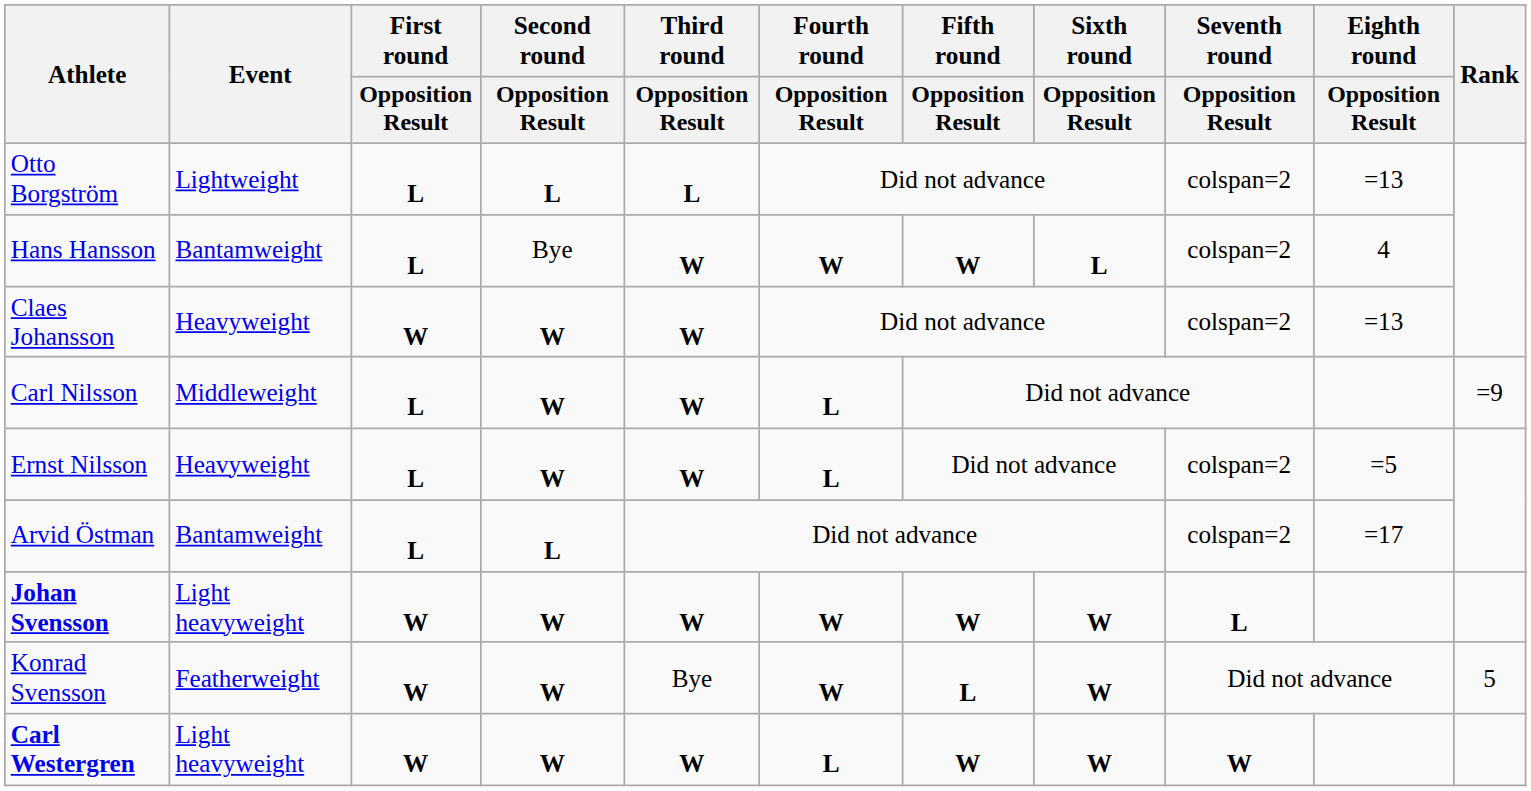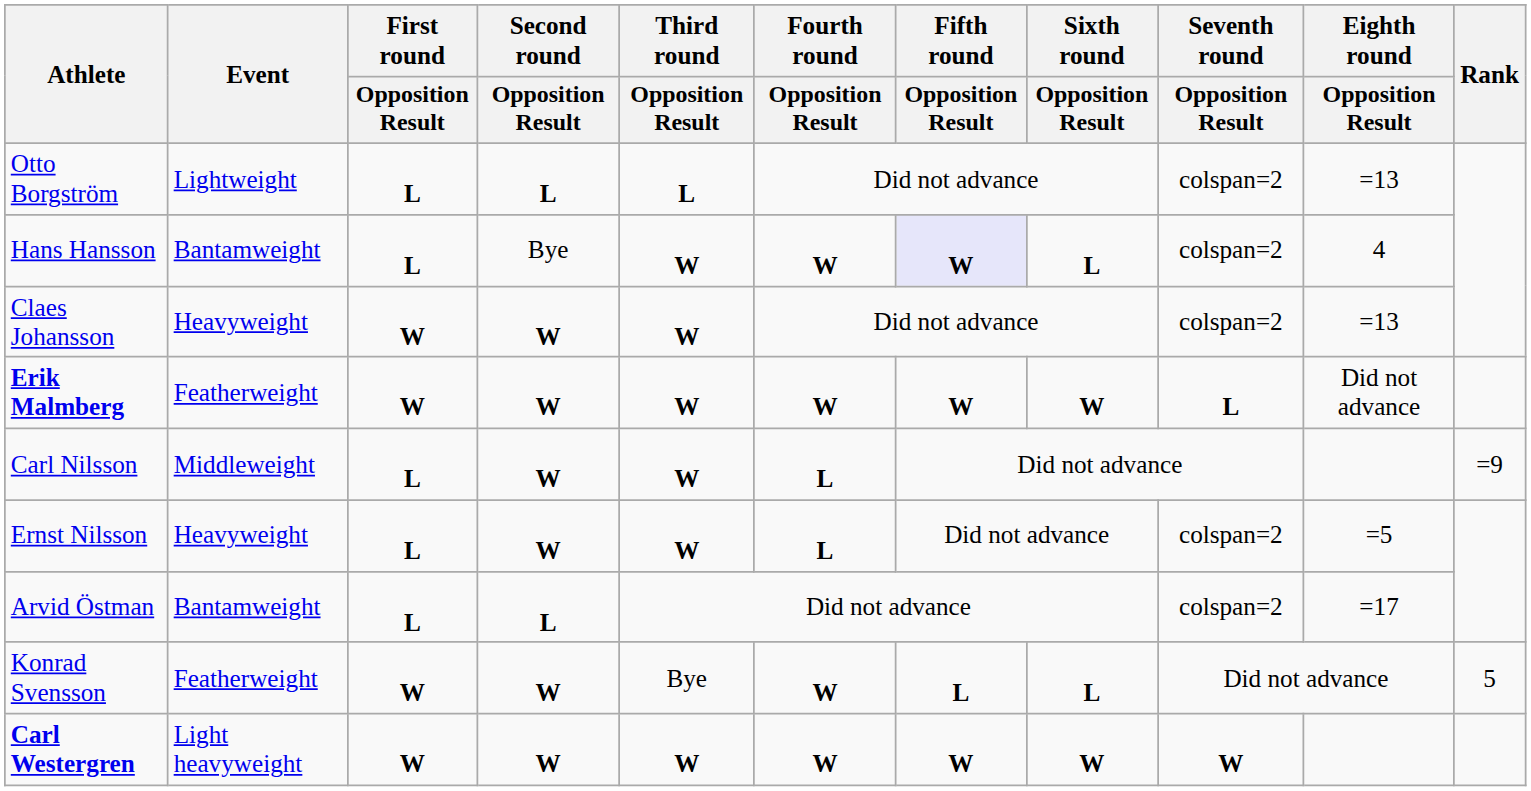 <table class="wikitable" style="font-size:90%;">
 <tr>
 <th rowspan=2>Athlete</th>
 <th rowspan=2>Event</th>
 <th>First round</th>
 <th>Second round</th>
 <th>Third round</th>
 <th>Fourth round</th>
 <th>Fifth round</th>
 <th>Sixth round</th>
 <th>Seventh round</th>
 <th>Eighth round</th>
 <th rowspan=2>Rank</th>
 </tr>
 <tr style="font-size: 95%">
 <th>Opposition<br>Result</th>
 <th>Opposition<br>Result</th>
 <th>Opposition<br>Result</th>
 <th>Opposition<br>Result</th>
 <th>Opposition<br>Result</th>
 <th>Opposition<br>Result</th>
 <th>Opposition<br>Result</th>
 <th>Opposition<br>Result</th>
 </tr>
 <tr align=center>
 <td align=left><a href='#'>Otto Borgström</a></td>
 <td align=left><a href='#'>Lightweight</a></td>
 <td> <br> <strong>L</strong></td>
 <td> <br> <strong>L</strong></td>
 <td> <br> <strong>L</strong></td>
 <td colspan=3>Did not advance</td>
 <td>colspan=2 </td>
 <td>=13</td>
 </tr>
 <tr align=center>
 <td align=left><a href='#'>Hans Hansson</a></td>
 <td align=left><a href='#'>Bantamweight</a></td>
 <td> <br> <strong>L</strong></td>
 <td>Bye</td>
 <td> <br> <strong>W</strong></td>
 <td> <br> <strong>W</strong></td>
-<td> <br> <strong>W</strong></td>
+<td style="background: lavender;"> <br> <strong>W</strong></td>
 <td> <br> <strong>L</strong></td>
 <td>colspan=2 </td>
 <td>4</td>
 </tr>
 <tr align=center>
 <td align=left><a href='#'>Claes Johansson</a></td>
 <td align=left><a href='#'>Heavyweight</a></td>
 <td> <br> <strong>W</strong></td>
 <td> <br> <strong>W</strong></td>
 <td> <br> <strong>W</strong></td>
 <td colspan=3>Did not advance</td>
 <td>colspan=2 </td>
 <td>=13</td>
+</tr>
+<tr align=center>
+<td align=left><strong><a href='#'>Erik Malmberg</a></strong></td>
+<td align=left><a href='#'>Featherweight</a></td>
+<td> <br> <strong>W</strong></td>
+<td> <br> <strong>W</strong></td>
+<td> <br> <strong>W</strong></td>
+<td> <br> <strong>W</strong></td>
+<td> <br> <strong>W</strong></td>
+<td> <br> <strong>W</strong></td>
+<td> <br> <strong>L</strong></td>
+<td>Did not advance</td>
+<td></td>
 </tr>
 <tr align=center>
 <td align=left><a href='#'>Carl Nilsson</a></td>
 <td align=left><a href='#'>Middleweight</a></td>
 <td> <br> <strong>L</strong></td>
 <td> <br> <strong>W</strong></td>
 <td> <br> <strong>W</strong></td>
 <td> <br> <strong>L</strong></td>
 <td colspan=3>Did not advance</td>
 <td></td>
 <td>=9</td>
 </tr>
 <tr align=center>
 <td align=left><a href='#'>Ernst Nilsson</a></td>
 <td align=left><a href='#'>Heavyweight</a></td>
 <td> <br> <strong>L</strong></td>
 <td> <br> <strong>W</strong></td>
 <td> <br> <strong>W</strong></td>
 <td> <br> <strong>L</strong></td>
 <td colspan=2>Did not advance</td>
 <td>colspan=2 </td>
 <td>=5</td>
 </tr>
 <tr align=center>
 <td align=left><a href='#'>Arvid Östman</a></td>
 <td align=left><a href='#'>Bantamweight</a></td>
 <td> <br> <strong>L</strong></td>
 <td> <br> <strong>L</strong></td>
 <td colspan=4>Did not advance</td>
 <td>colspan=2 </td>
 <td>=17</td>
 </tr>
 <tr align=center>
-<td align=left><strong><a href='#'>Johan Svensson</a></strong></td>
-<td align=left><a href='#'>Light heavyweight</a></td>
-<td> <br> <strong>W</strong></td>
-<td> <br> <strong>W</strong></td>
-<td> <br> <strong>W</strong></td>
-<td> <br> <strong>W</strong></td>
-<td> <br> <strong>W</strong></td>
-<td> <br> <strong>W</strong></td>
-<td> <br> <strong>L</strong></td>
-<td></td>
-<td></td>
-</tr>
-<tr align=center>
 <td align=left><a href='#'>Konrad Svensson</a></td>
 <td align=left><a href='#'>Featherweight</a></td>
 <td> <br> <strong>W</strong></td>
 <td> <br> <strong>W</strong></td>
 <td>Bye</td>
 <td> <br> <strong>W</strong></td>
 <td> <br> <strong>L</strong></td>
-<td> <br> <strong>W</strong></td>
+<td> <br> <strong>L</strong></td>
 <td colspan=2>Did not advance</td>
 <td>5</td>
 </tr>
 <tr align=center>
 <td align=left><strong><a href='#'>Carl Westergren</a></strong></td>
 <td align=left><a href='#'>Light heavyweight</a></td>
 <td> <br> <strong>W</strong></td>
 <td> <br> <strong>W</strong></td>
 <td> <br> <strong>W</strong></td>
-<td> <br> <strong>L</strong></td>
+<td> <br> <strong>W</strong></td>
 <td> <br> <strong>W</strong></td>
 <td> <br> <strong>W</strong></td>
 <td> <br> <strong>W</strong></td>
 <td></td>
 <td></td>
 </tr>
 </table>
